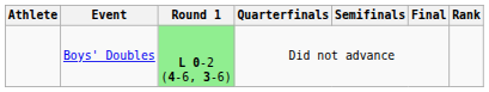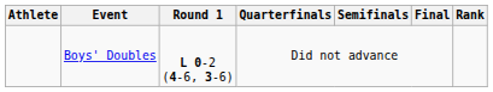 <table class=wikitable style="font-size:90%">
 <tr>
 <th>Athlete</th>
 <th>Event</th>
 <th>Round 1</th>
 <th>Quarterfinals</th>
 <th>Semifinals</th>
 <th>Final</th>
 <th>Rank</th>
 </tr>
 <tr>
 <td> <br></td>
 <td><a href='#'>Boys' Doubles</a></td>
-<td align=center style="background: lightgreen;"><br><br><strong>L</strong> <strong>0</strong>-2<br> (<strong>4</strong>-6, <strong>3</strong>-6)</td>
+<td align=center><br><br><strong>L</strong> <strong>0</strong>-2<br> (<strong>4</strong>-6, <strong>3</strong>-6)</td>
 <td colspan=3 align=center>Did not advance</td>
 <td align=center></td>
 </tr>
 </table>
